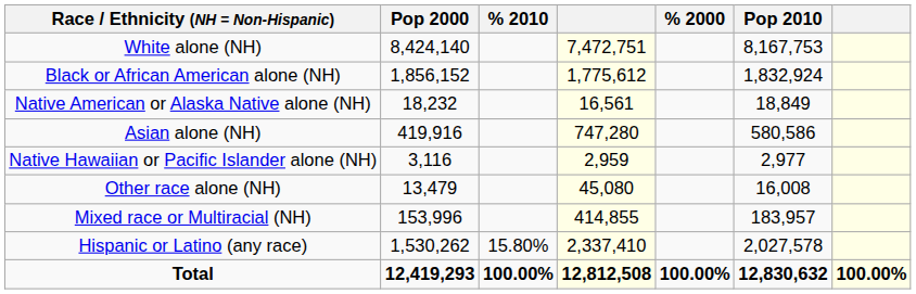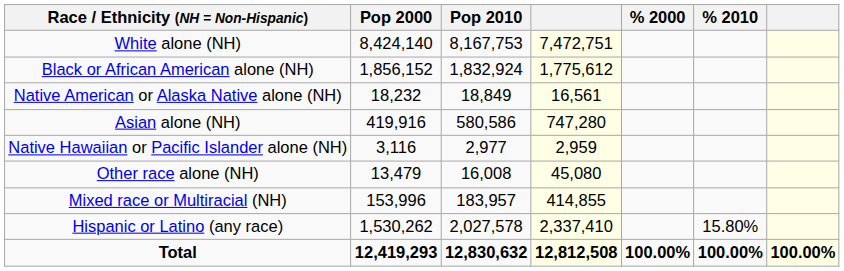 <table class="wikitable" style="text-align:center;">
 <tr>
 <th>Race / Ethnicity <small>(<em>NH = Non-Hispanic</em>)</small></th>
 <th>Pop 2000</th>
-<th>% 2010</th>
+<th>Pop 2010</th>
 <th></th>
 <th>% 2000</th>
-<th>Pop 2010</th>
+<th>% 2010</th>
 <th></th>
 </tr>
 <tr>
 <td><a href='#'>White</a> alone (NH)</td>
 <td>8,424,140</td>
-<td></td>
+<td>8,167,753</td>
 <td style='background: #ffffe6;'>7,472,751</td>
 <td></td>
-<td>8,167,753</td>
+<td></td>
 <td style='background: #ffffe6;'></td>
 </tr>
 <tr>
 <td><a href='#'>Black or African American</a> alone (NH)</td>
 <td>1,856,152</td>
-<td></td>
+<td>1,832,924</td>
 <td style='background: #ffffe6;'>1,775,612</td>
 <td></td>
-<td>1,832,924</td>
+<td></td>
 <td style='background: #ffffe6;'></td>
 </tr>
 <tr>
 <td><a href='#'>Native American</a> or <a href='#'>Alaska Native</a> alone (NH)</td>
 <td>18,232</td>
-<td></td>
+<td>18,849</td>
 <td style='background: #ffffe6;'>16,561</td>
 <td></td>
-<td>18,849</td>
+<td></td>
 <td style='background: #ffffe6;'></td>
 </tr>
 <tr>
 <td><a href='#'>Asian</a> alone (NH)</td>
 <td>419,916</td>
-<td></td>
+<td>580,586</td>
 <td style='background: #ffffe6;'>747,280</td>
 <td></td>
-<td>580,586</td>
+<td></td>
 <td style='background: #ffffe6;'></td>
 </tr>
 <tr>
 <td><a href='#'>Native Hawaiian</a> or <a href='#'>Pacific Islander</a> alone (NH)</td>
 <td>3,116</td>
-<td></td>
+<td>2,977</td>
 <td style='background: #ffffe6;'>2,959</td>
 <td></td>
-<td>2,977</td>
+<td></td>
 <td style='background: #ffffe6;'></td>
 </tr>
 <tr>
 <td><a href='#'>Other race</a> alone (NH)</td>
 <td>13,479</td>
-<td></td>
+<td>16,008</td>
 <td style='background: #ffffe6;'>45,080</td>
 <td></td>
-<td>16,008</td>
+<td></td>
 <td style='background: #ffffe6;'></td>
 </tr>
 <tr>
 <td><a href='#'>Mixed race or Multiracial</a> (NH)</td>
 <td>153,996</td>
-<td></td>
+<td>183,957</td>
 <td style='background: #ffffe6;'>414,855</td>
 <td></td>
-<td>183,957</td>
+<td></td>
 <td style='background: #ffffe6;'></td>
 </tr>
 <tr>
 <td><a href='#'>Hispanic or Latino</a> (any race)</td>
 <td>1,530,262</td>
-<td>15.80%</td>
+<td>2,027,578</td>
 <td style='background: #ffffe6;'>2,337,410</td>
 <td></td>
-<td>2,027,578</td>
+<td>15.80%</td>
 <td style='background: #ffffe6;'></td>
 </tr>
 <tr>
 <td><strong>Total</strong></td>
 <td><strong>12,419,293</strong></td>
-<td><strong>100.00%</strong></td>
+<td><strong>12,830,632</strong></td>
 <td style='background: #ffffe6;'><strong>12,812,508</strong></td>
 <td><strong>100.00%</strong></td>
-<td><strong>12,830,632</strong></td>
+<td><strong>100.00%</strong></td>
 <td style='background: #ffffe6;'><strong>100.00%</strong></td>
 </tr>
 </table>
